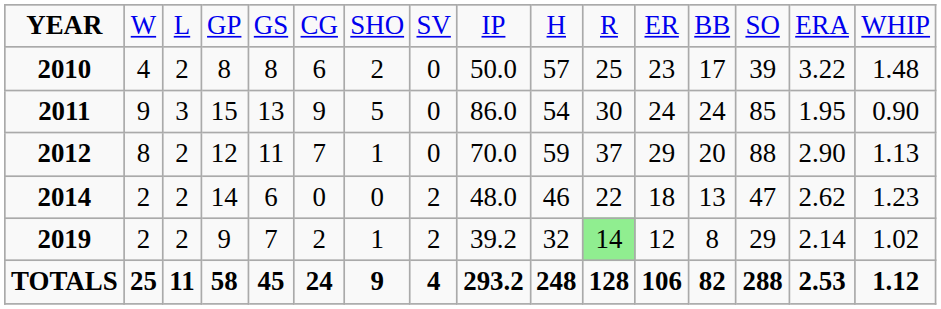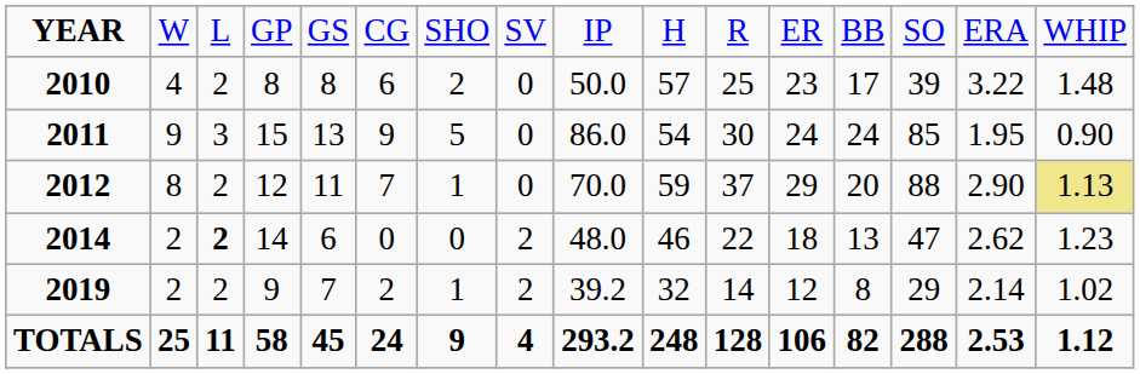 <table class="wikitable" style="text-align:center;">
 <tr>
 <td><strong>YEAR</strong></td>
 <td><a href='#'>W</a></td>
 <td><a href='#'>L</a></td>
 <td><a href='#'>GP</a></td>
 <td><a href='#'>GS</a></td>
 <td><a href='#'>CG</a></td>
 <td><a href='#'>SHO</a></td>
 <td><a href='#'>SV</a></td>
 <td><a href='#'>IP</a></td>
 <td><a href='#'>H</a></td>
 <td><a href='#'>R</a></td>
 <td><a href='#'>ER</a></td>
 <td><a href='#'>BB</a></td>
 <td><a href='#'>SO</a></td>
 <td><a href='#'>ERA</a></td>
 <td><a href='#'>WHIP</a></td>
 </tr>
 <tr>
 <td><strong>2010</strong></td>
 <td>4</td>
 <td>2</td>
 <td>8</td>
 <td>8</td>
 <td>6</td>
 <td>2</td>
 <td>0</td>
 <td>50.0</td>
 <td>57</td>
 <td>25</td>
 <td>23</td>
 <td>17</td>
 <td>39</td>
 <td>3.22</td>
 <td>1.48</td>
 </tr>
 <tr>
 <td><strong>2011</strong></td>
 <td>9</td>
 <td>3</td>
 <td>15</td>
 <td>13</td>
 <td>9</td>
 <td>5</td>
 <td>0</td>
 <td>86.0</td>
 <td>54</td>
 <td>30</td>
 <td>24</td>
 <td>24</td>
 <td>85</td>
 <td>1.95</td>
 <td>0.90</td>
 </tr>
 <tr>
 <td><strong>2012</strong></td>
 <td>8</td>
 <td>2</td>
 <td>12</td>
 <td>11</td>
 <td>7</td>
 <td>1</td>
 <td>0</td>
 <td>70.0</td>
 <td>59</td>
 <td>37</td>
 <td>29</td>
 <td>20</td>
 <td>88</td>
 <td>2.90</td>
-<td>1.13</td>
+<td style="background: khaki;">1.13</td>
 </tr>
 <tr>
 <td><strong>2014</strong></td>
 <td>2</td>
-<td>2</td>
+<td><strong>2</strong></td>
 <td>14</td>
 <td>6</td>
 <td>0</td>
 <td>0</td>
 <td>2</td>
 <td>48.0</td>
 <td>46</td>
 <td>22</td>
 <td>18</td>
 <td>13</td>
 <td>47</td>
 <td>2.62</td>
 <td>1.23</td>
 </tr>
 <tr>
 <td><strong>2019</strong></td>
 <td>2</td>
 <td>2</td>
 <td>9</td>
 <td>7</td>
 <td>2</td>
 <td>1</td>
 <td>2</td>
 <td>39.2</td>
 <td>32</td>
-<td style="background: lightgreen;">14</td>
+<td>14</td>
 <td>12</td>
 <td>8</td>
 <td>29</td>
 <td>2.14</td>
 <td>1.02</td>
 </tr>
 <tr>
 <td><strong>TOTALS</strong></td>
 <td><strong>25</strong></td>
 <td><strong>11</strong></td>
 <td><strong>58</strong></td>
 <td><strong>45</strong></td>
 <td><strong>24</strong></td>
 <td><strong>9</strong></td>
 <td><strong>4</strong></td>
 <td><strong>293.2</strong></td>
 <td><strong>248</strong></td>
 <td><strong>128</strong></td>
 <td><strong>106</strong></td>
 <td><strong>82</strong></td>
 <td><strong>288</strong></td>
 <td><strong>2.53</strong></td>
 <td><strong>1.12</strong></td>
 </tr>
 </table>
